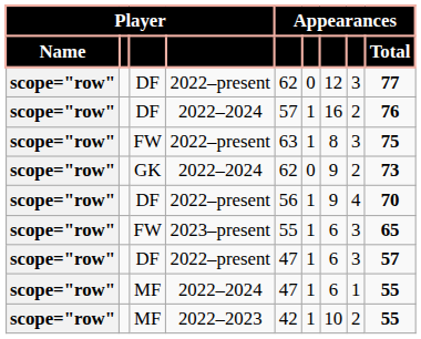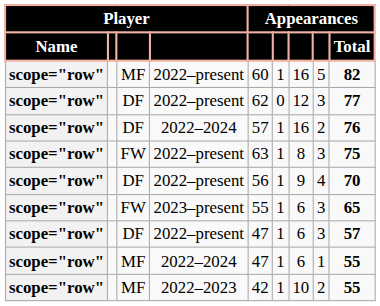 <table class="wikitable sortable" style="text-align:center;">
 <tr>
 <th style="background:#000000; color:#FFFFFF; border:2px solid #F1B1A5; " colspan=4 scope="colgroup">Player</th>
 <th style="background:#000000; color:#FFFFFF; border:2px solid #F1B1A5; " colspan=5 scope="colgroup">Appearances</th>
 </tr>
 <tr>
 <th style="background:#000000; color:#FFFFFF; border:2px solid #F1B1A5; " scope="col">Name</th>
 <th style="background:#000000; color:#FFFFFF; border:2px solid #F1B1A5; " scope="col"></th>
 <th style="background:#000000; color:#FFFFFF; border:2px solid #F1B1A5; " scope="col"></th>
 <th style="background:#000000; color:#FFFFFF; border:2px solid #F1B1A5; " scope="col"></th>
 <th style="background:#000000; color:#FFFFFF; border:2px solid #F1B1A5; " scope="col"></th>
 <th style="background:#000000; color:#FFFFFF; border:2px solid #F1B1A5; " scope="col"></th>
 <th style="background:#000000; color:#FFFFFF; border:2px solid #F1B1A5; " scope="col"></th>
 <th style="background:#000000; color:#FFFFFF; border:2px solid #F1B1A5; " scope="col"></th>
 <th style="background:#000000; color:#FFFFFF; border:2px solid #F1B1A5; " scope="col">Total</th>
+</tr>
+<tr>
+<th>scope="row" </th>
+<td></td>
+<td>MF</td>
+<td>2022–present</td>
+<td>60</td>
+<td>1</td>
+<td>16</td>
+<td>5</td>
+<td><strong>82</strong></td>
 </tr>
 <tr>
 <th>scope="row" </th>
 <td></td>
 <td>DF</td>
 <td>2022–present</td>
 <td>62</td>
 <td>0</td>
 <td>12</td>
 <td>3</td>
 <td><strong>77</strong></td>
 </tr>
 <tr>
 <th>scope="row" </th>
 <td></td>
 <td>DF</td>
 <td>2022–2024</td>
 <td>57</td>
 <td>1</td>
 <td>16</td>
 <td>2</td>
 <td><strong>76</strong></td>
 </tr>
 <tr>
 <th>scope="row" </th>
 <td></td>
 <td>FW</td>
 <td>2022–present</td>
 <td>63</td>
 <td>1</td>
 <td>8</td>
 <td>3</td>
 <td><strong>75</strong></td>
-</tr>
-<tr>
-<th>scope="row" </th>
-<td></td>
-<td>GK</td>
-<td>2022–2024</td>
-<td>62</td>
-<td>0</td>
-<td>9</td>
-<td>2</td>
-<td><strong>73</strong></td>
 </tr>
 <tr>
 <th>scope="row" </th>
 <td></td>
 <td>DF</td>
 <td>2022–present</td>
 <td>56</td>
 <td>1</td>
 <td>9</td>
 <td>4</td>
 <td><strong>70</strong></td>
 </tr>
 <tr>
 <th>scope="row" </th>
 <td></td>
 <td>FW</td>
 <td>2023–present</td>
 <td>55</td>
 <td>1</td>
 <td>6</td>
 <td>3</td>
 <td><strong>65</strong></td>
 </tr>
 <tr>
 <th>scope="row" </th>
 <td></td>
 <td>DF</td>
 <td>2022–present</td>
 <td>47</td>
 <td>1</td>
 <td>6</td>
 <td>3</td>
 <td><strong>57</strong></td>
 </tr>
 <tr>
 <th>scope="row" </th>
 <td></td>
 <td>MF</td>
 <td>2022–2024</td>
 <td>47</td>
 <td>1</td>
 <td>6</td>
 <td>1</td>
 <td><strong>55</strong></td>
 </tr>
 <tr>
 <th>scope="row" </th>
 <td></td>
 <td>MF</td>
 <td>2022–2023</td>
 <td>42</td>
 <td>1</td>
 <td>10</td>
 <td>2</td>
 <td><strong>55</strong></td>
 </tr>
 </table>
